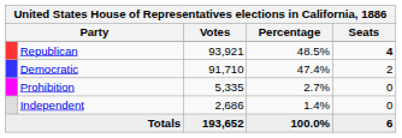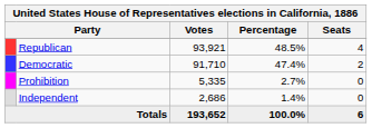 <table class="wikitable" style="font-size: 95%;">
 <tr>
 <th colspan="6">United States House of Representatives elections in California, 1886</th>
 </tr>
 <tr>
 <th colspan=2 style="width: 15em">Party</th>
 <th style="width: 5em">Votes</th>
 <th style="width: 7em">Percentage</th>
 <th style="width: 5em">Seats</th>
 </tr>
 <tr>
 </tr>
 <tr>
 <th style="background-color:#FF3333; width: 3px"></th>
 <td style="width: 130px"><a href='#'>Republican</a></td>
 <td style="text-align:right;">93,921</td>
 <td style="text-align:right;">48.5%</td>
-<td style="text-align:right;"><strong>4</strong></td>
+<td style="text-align:right;">4</td>
 </tr>
 <tr>
 <th style="background-color:#3333FF; width: 3px"></th>
 <td style="width: 130px"><a href='#'>Democratic</a></td>
 <td style="text-align:right;">91,710</td>
 <td style="text-align:right;">47.4%</td>
 <td style="text-align:right;">2</td>
 </tr>
 <tr>
 <th style="background-color:#FF00FF; width: 3px"></th>
 <td style="width: 130px"><a href='#'>Prohibition</a></td>
 <td style="text-align:right;">5,335</td>
 <td style="text-align:right;">2.7%</td>
 <td style="text-align:right;">0</td>
 </tr>
 <tr>
 <th style="background-color:#DDDDDD; width: 3px"></th>
 <td style="width: 130px"><a href='#'>Independent</a></td>
 <td style="text-align:right;">2,686</td>
 <td style="text-align:right;">1.4%</td>
 <td style="text-align:right;">0</td>
 </tr>
 <tr style="background-color:#EEEEEE;">
 <td colspan="2" align="right"><strong>Totals</strong></td>
 <td style="text-align:right;"><strong>193,652</strong></td>
 <td style="text-align:right;"><strong>100.0%</strong></td>
 <td style="text-align:right;"><strong>6</strong></td>
 </tr>
 </table>
